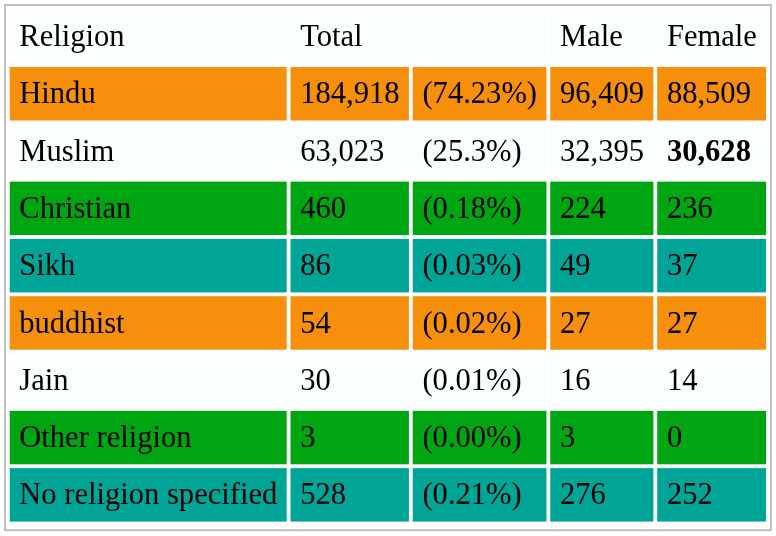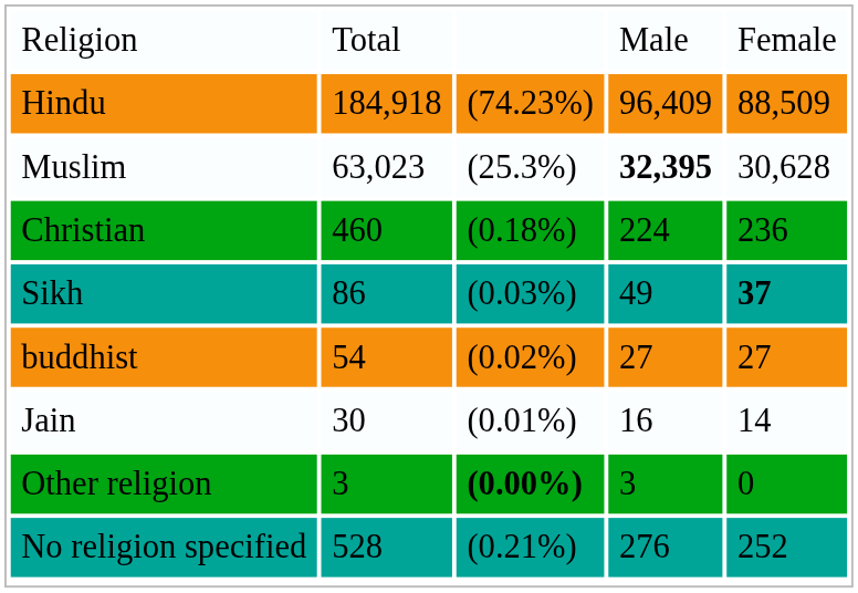 <table cellpadding=5 style="border:1px solid #BBB">
 <tr bgcolor="#fafeff">
 <td>Religion</td>
 <td>Total</td>
 <td></td>
 <td>Male</td>
 <td>Female</td>
 </tr>
 <tr bgcolor="#F68F0C">
 <td>Hindu</td>
 <td>184,918</td>
 <td>(74.23%)</td>
 <td>96,409</td>
 <td>88,509</td>
 </tr>
 <tr bgcolor="fafeff">
 <td>Muslim</td>
 <td>63,023</td>
 <td>(25.3%)</td>
-<td>32,395</td>
-<td><strong>30,628</strong></td>
+<td><strong>32,395</strong></td>
+<td>30,628</td>
 </tr>
 <tr bgcolor="#00A512">
 <td>Christian</td>
 <td>460</td>
 <td>(0.18%)</td>
 <td>224</td>
 <td>236</td>
 </tr>
 <tr bgcolor="#00A598">
 <td>Sikh</td>
 <td>86</td>
 <td>(0.03%)</td>
 <td>49</td>
-<td>37</td>
+<td><strong>37</strong></td>
 </tr>
 <tr bgcolor="#F68F0C">
 <td>buddhist</td>
 <td>54</td>
 <td>(0.02%)</td>
 <td>27</td>
 <td>27</td>
 </tr>
 <tr bgcolor="fafeff">
 <td>Jain</td>
 <td>30</td>
 <td>(0.01%)</td>
 <td>16</td>
 <td>14</td>
 </tr>
 <tr bgcolor="#00A512">
 <td>Other religion</td>
 <td>3</td>
-<td>(0.00%)</td>
+<td><strong>(0.00%)</strong></td>
 <td>3</td>
 <td>0</td>
 </tr>
 <tr bgcolor="#00A598">
 <td>No religion specified</td>
 <td>528</td>
 <td>(0.21%)</td>
 <td>276</td>
 <td>252</td>
 </tr>
 <tr bgcolor="#fafeff">
 </tr>
 </table>
